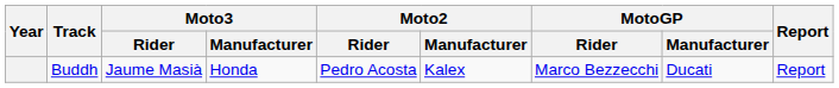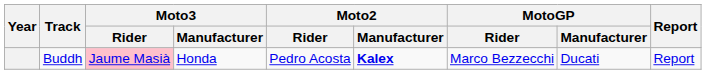 <table class="wikitable" style="font-size: 95%;">
 <tr>
 <th rowspan=2>Year</th>
 <th rowspan=2>Track</th>
 <th colspan=2>Moto3</th>
 <th colspan=2>Moto2</th>
 <th colspan=2>MotoGP</th>
 <th rowspan=2>Report</th>
 </tr>
 <tr>
 <th>Rider</th>
 <th>Manufacturer</th>
 <th>Rider</th>
 <th>Manufacturer</th>
 <th>Rider</th>
 <th>Manufacturer</th>
 </tr>
 <tr>
 <th></th>
 <td><a href='#'>Buddh</a></td>
-<td> <a href='#'>Jaume Masià</a></td>
+<td style="background: pink;"> <a href='#'>Jaume Masià</a></td>
 <td><a href='#'>Honda</a></td>
 <td> <a href='#'>Pedro Acosta</a></td>
-<td><a href='#'>Kalex</a></td>
+<td><strong><a href='#'>Kalex</a></strong></td>
 <td> <a href='#'>Marco Bezzecchi</a></td>
 <td><a href='#'>Ducati</a></td>
 <td><a href='#'>Report</a></td>
 </tr>
 </table>
